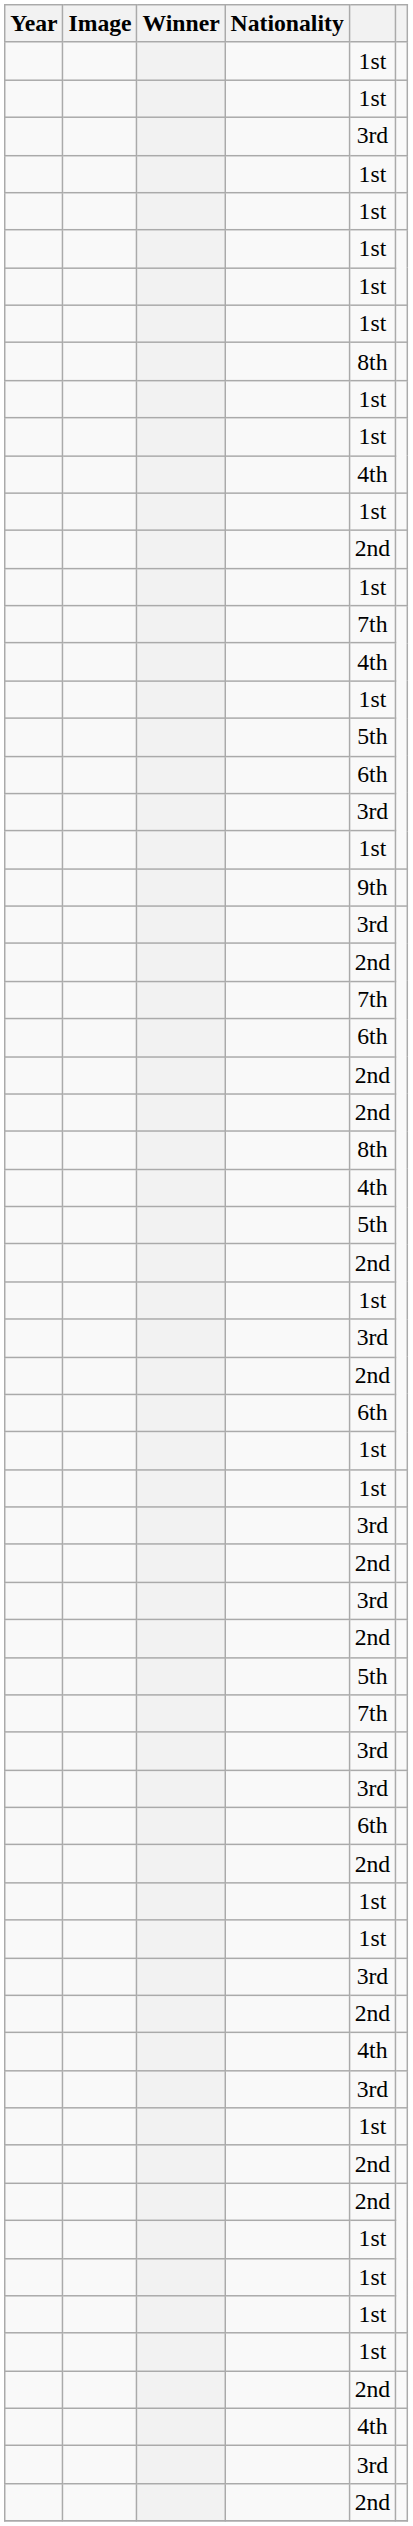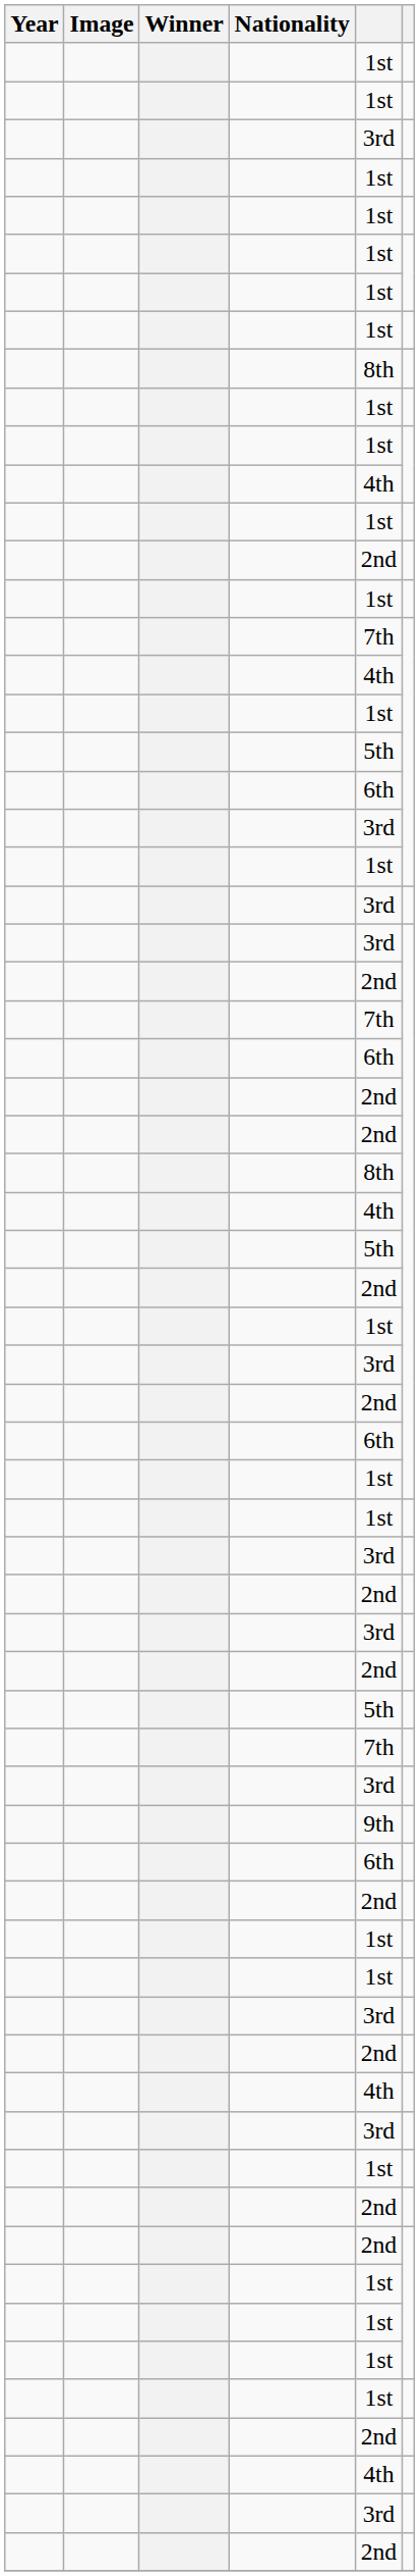 <table class="wikitable plainrowheaders sortable" style="text-align:center;">
 <tr>
 <th scope="col">Year</th>
 <th scope="col" class="unsortable">Image</th>
 <th scope="col">Winner</th>
 <th scope="col">Nationality</th>
 <th></th>
 <th scope="col" class="unsortable"></th>
 </tr>
 <tr>
 <td></td>
 <td></td>
 <th scope="row"></th>
 <td></td>
 <td>1st</td>
 <td></td>
 </tr>
 <tr>
 <td></td>
 <td></td>
 <th scope="row"></th>
 <td></td>
 <td>1st</td>
 <td></td>
 </tr>
 <tr>
 <td></td>
 <td></td>
 <th scope="row"></th>
 <td></td>
 <td>3rd</td>
 <td></td>
 </tr>
 <tr>
 <td></td>
 <td></td>
 <th scope="row"></th>
 <td></td>
 <td>1st</td>
 <td></td>
 </tr>
 <tr>
 <td></td>
 <td></td>
 <th scope="row"></th>
 <td></td>
 <td>1st</td>
 <td></td>
 </tr>
 <tr>
 <td></td>
 <td></td>
 <th scope="row"></th>
 <td></td>
 <td>1st</td>
 <td rowspan="2"></td>
 </tr>
 <tr>
 <td></td>
 <td></td>
 <th scope="row"></th>
 <td></td>
 <td>1st</td>
 </tr>
 <tr>
 <td></td>
 <td></td>
 <th scope="row"></th>
 <td></td>
 <td>1st</td>
 <td></td>
 </tr>
 <tr>
 <td></td>
 <td></td>
 <th scope="row"></th>
 <td></td>
 <td>8th</td>
 <td></td>
 </tr>
 <tr>
 <td></td>
 <td></td>
 <th scope="row"></th>
 <td></td>
 <td>1st</td>
 <td></td>
 </tr>
 <tr>
 <td></td>
 <td></td>
 <th scope="row"></th>
 <td></td>
 <td>1st</td>
 <td rowspan="2"></td>
 </tr>
 <tr>
 <td></td>
 <td></td>
 <th scope="row"></th>
 <td></td>
 <td>4th</td>
 </tr>
 <tr>
 <td></td>
 <td></td>
 <th scope="row"></th>
 <td></td>
 <td>1st</td>
 <td></td>
 </tr>
 <tr>
 <td></td>
 <td></td>
 <th scope="row"></th>
 <td></td>
 <td>2nd</td>
 <td></td>
 </tr>
 <tr>
 <td></td>
 <td></td>
 <th scope="row"></th>
 <td></td>
 <td>1st</td>
 <td></td>
 </tr>
 <tr>
 <td></td>
 <td></td>
 <th scope="row"></th>
 <td></td>
 <td>7th</td>
 <td rowspan="7"></td>
 </tr>
 <tr>
 <td></td>
 <td></td>
 <th scope="row"></th>
 <td></td>
 <td>4th</td>
 </tr>
 <tr>
 <td></td>
 <td></td>
 <th scope="row"></th>
 <td></td>
 <td>1st</td>
 </tr>
 <tr>
 <td></td>
 <td></td>
 <th scope="row"></th>
 <td></td>
 <td>5th</td>
 </tr>
 <tr>
 <td></td>
 <td></td>
 <th scope="row"></th>
 <td></td>
 <td>6th</td>
 </tr>
 <tr>
 <td></td>
 <td></td>
 <th scope="row"></th>
 <td></td>
 <td>3rd</td>
 </tr>
 <tr>
 <td></td>
 <td></td>
 <th scope="row"></th>
 <td></td>
 <td>1st</td>
 </tr>
 <tr>
 <td></td>
 <td></td>
 <th scope="row"></th>
 <td></td>
-<td>9th</td>
+<td>3rd</td>
 <td></td>
 </tr>
 <tr>
 <td></td>
 <td></td>
 <th scope="row"></th>
 <td></td>
 <td>3rd</td>
 <td rowspan="15"></td>
 </tr>
 <tr>
 <td></td>
 <td></td>
 <th scope="row"></th>
 <td></td>
 <td>2nd</td>
 </tr>
 <tr>
 <td></td>
 <td></td>
 <th scope="row"></th>
 <td></td>
 <td>7th</td>
 </tr>
 <tr>
 <td></td>
 <td></td>
 <th scope="row"></th>
 <td></td>
 <td>6th</td>
 </tr>
 <tr>
 <td></td>
 <td></td>
 <th scope="row"></th>
 <td></td>
 <td>2nd</td>
 </tr>
 <tr>
 <td></td>
 <td></td>
 <th scope="row"></th>
 <td></td>
 <td>2nd</td>
 </tr>
 <tr>
 <td></td>
 <td></td>
 <th scope="row"></th>
 <td></td>
 <td>8th</td>
 </tr>
 <tr>
 <td></td>
 <td></td>
 <th scope="row"></th>
 <td></td>
 <td>4th</td>
 </tr>
 <tr>
 <td></td>
 <td></td>
 <th scope="row"></th>
 <td></td>
 <td>5th</td>
 </tr>
 <tr>
 <td></td>
 <td></td>
 <th scope="row"></th>
 <td></td>
 <td>2nd</td>
 </tr>
 <tr>
 <td></td>
 <td></td>
 <th scope="row"></th>
 <td></td>
 <td>1st</td>
 </tr>
 <tr>
 <td></td>
 <td></td>
 <th scope="row"></th>
 <td></td>
 <td>3rd</td>
 </tr>
 <tr>
 <td></td>
 <td></td>
 <th scope="row"></th>
 <td></td>
 <td>2nd</td>
 </tr>
 <tr>
 <td></td>
 <td></td>
 <th scope="row"></th>
 <td></td>
 <td>6th</td>
 </tr>
 <tr>
 <td></td>
 <td></td>
 <th scope="row"></th>
 <td></td>
 <td>1st</td>
 </tr>
 <tr>
 <td></td>
 <td></td>
 <th scope="row"></th>
 <td></td>
 <td>1st</td>
 <td></td>
 </tr>
 <tr>
 <td></td>
 <td></td>
 <th scope="row"></th>
 <td></td>
 <td>3rd</td>
 <td></td>
 </tr>
 <tr>
 <td></td>
 <td></td>
 <th scope="row"></th>
 <td></td>
 <td>2nd</td>
 <td></td>
 </tr>
 <tr>
 <td></td>
 <td></td>
 <th scope="row"></th>
 <td></td>
 <td>3rd</td>
 <td></td>
 </tr>
 <tr>
 <td></td>
 <td></td>
 <th scope="row"></th>
 <td></td>
 <td>2nd</td>
 <td></td>
 </tr>
 <tr>
 <td></td>
 <td></td>
 <th scope="row"></th>
 <td></td>
 <td>5th</td>
 <td></td>
 </tr>
 <tr>
 <td></td>
 <td></td>
 <th scope="row"></th>
 <td></td>
 <td>7th</td>
 <td></td>
 </tr>
 <tr>
 <td></td>
 <td></td>
 <th scope="row"></th>
 <td></td>
 <td>3rd</td>
 <td></td>
 </tr>
 <tr>
 <td></td>
 <td></td>
 <th scope="row"></th>
 <td></td>
-<td>3rd</td>
+<td>9th</td>
 <td></td>
 </tr>
 <tr>
 <td></td>
 <td></td>
 <th scope="row"></th>
 <td></td>
 <td>6th</td>
 <td></td>
 </tr>
 <tr>
 <td></td>
 <td></td>
 <th scope="row"></th>
 <td></td>
 <td>2nd</td>
 <td></td>
 </tr>
 <tr>
 <td></td>
 <td></td>
 <th scope="row"></th>
 <td></td>
 <td>1st</td>
 <td></td>
 </tr>
 <tr>
 <td></td>
 <td></td>
 <th scope="row"></th>
 <td></td>
 <td>1st</td>
 <td></td>
 </tr>
 <tr>
 <td></td>
 <td></td>
 <th scope="row"></th>
 <td></td>
 <td>3rd</td>
 <td></td>
 </tr>
 <tr>
 <td></td>
 <td></td>
 <th scope="row"></th>
 <td></td>
 <td>2nd</td>
 <td></td>
 </tr>
 <tr>
 <td></td>
 <td></td>
 <th scope="row"></th>
 <td></td>
 <td>4th</td>
 <td></td>
 </tr>
 <tr>
 <td></td>
 <td></td>
 <th scope="row"></th>
 <td></td>
 <td>3rd</td>
 <td></td>
 </tr>
 <tr>
 <td></td>
 <td></td>
 <th scope="row"></th>
 <td></td>
 <td>1st</td>
 <td></td>
 </tr>
 <tr>
 <td></td>
 <td></td>
 <th scope="row"></th>
 <td></td>
 <td>2nd</td>
 <td></td>
 </tr>
 <tr>
 <td></td>
 <td></td>
 <th scope="row"></th>
 <td></td>
 <td>2nd</td>
 <td rowspan="4"></td>
 </tr>
 <tr>
 <td></td>
 <td></td>
 <th scope="row"></th>
 <td></td>
 <td>1st</td>
 </tr>
 <tr>
 <td></td>
 <td></td>
 <th scope="row"></th>
 <td></td>
 <td>1st</td>
 </tr>
 <tr>
 <td></td>
 <td></td>
 <th scope="row"></th>
 <td></td>
 <td>1st</td>
 </tr>
 <tr>
 <td></td>
 <td></td>
 <th scope="row"></th>
 <td></td>
 <td>1st</td>
 <td></td>
 </tr>
 <tr>
 <td></td>
 <td></td>
 <th scope="row"></th>
 <td></td>
 <td>2nd</td>
 <td></td>
 </tr>
 <tr>
 <td></td>
 <td></td>
 <th scope="row"></th>
 <td></td>
 <td>4th</td>
 <td></td>
 </tr>
 <tr>
 <td></td>
 <td></td>
 <th scope="row"></th>
 <td></td>
 <td>3rd</td>
 <td></td>
 </tr>
 <tr>
 <td></td>
 <td></td>
 <th scope="row"></th>
 <td></td>
 <td>2nd</td>
 <td></td>
 </tr>
 <tr>
 </tr>
 </table>
